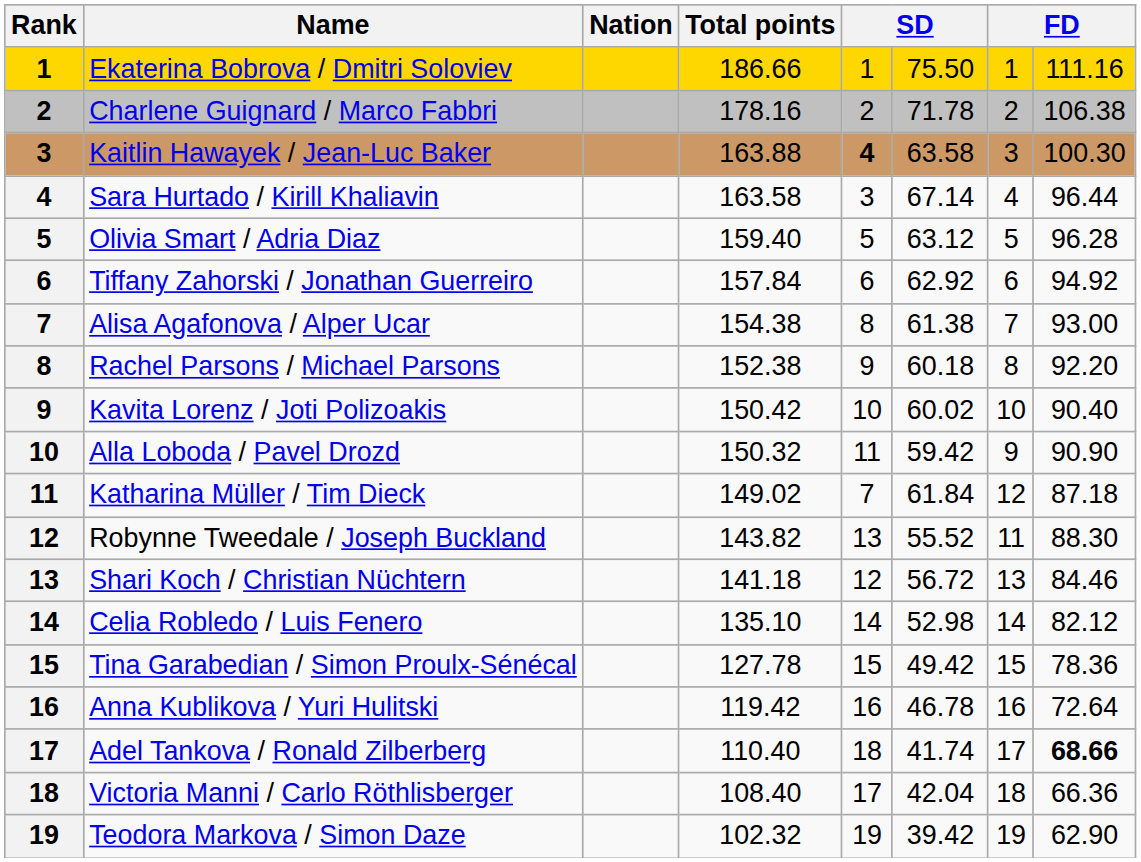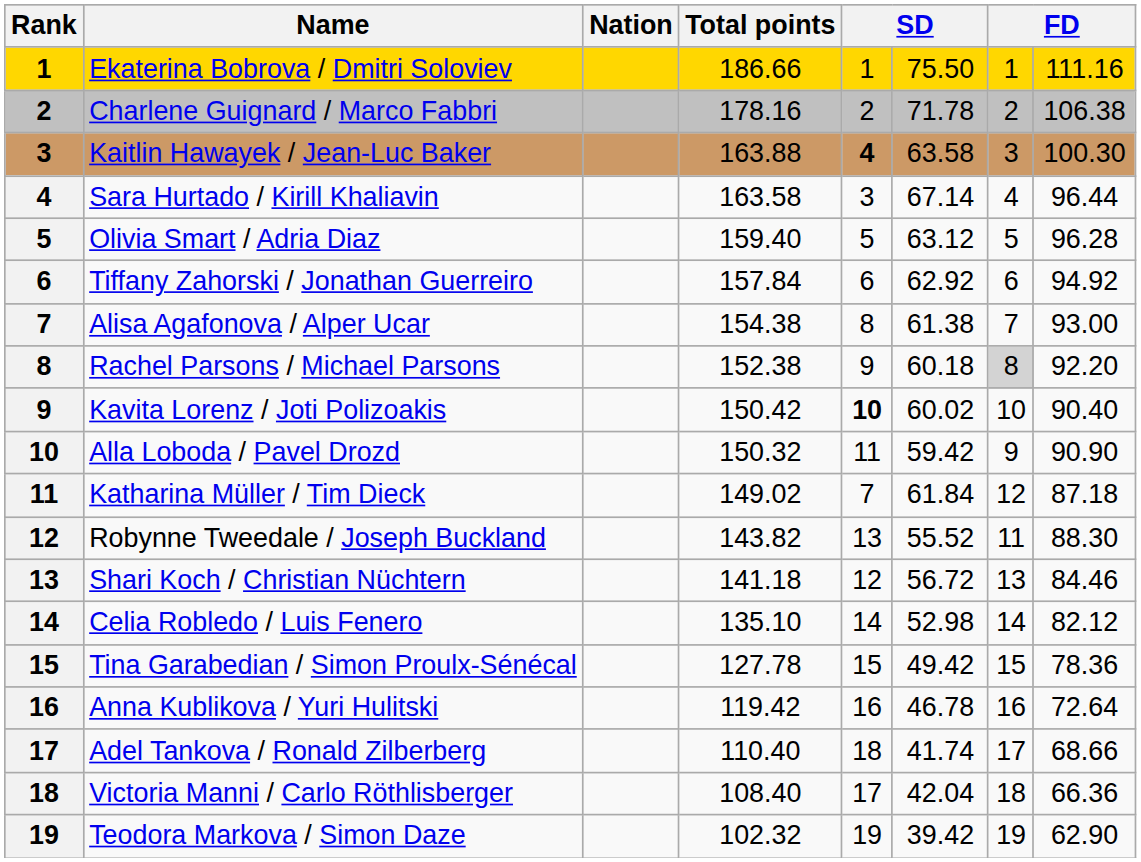 <table class="wikitable sortable">
 <tr>
 <th>Rank</th>
 <th>Name</th>
 <th>Nation</th>
 <th>Total points</th>
 <th colspan="2" width="80px"><a href='#'>SD</a></th>
 <th colspan="2" width="80px"><a href='#'>FD</a></th>
 </tr>
 <tr bgcolor="gold">
 <td align="center"><strong>1</strong></td>
 <td><a href='#'>Ekaterina Bobrova</a> / <a href='#'>Dmitri Soloviev</a></td>
 <td></td>
 <td align="center">186.66</td>
 <td align="center">1</td>
 <td align="center">75.50</td>
 <td align="center">1</td>
 <td align="center">111.16</td>
 </tr>
 <tr bgcolor="silver">
 <td align="center"><strong>2</strong></td>
 <td><a href='#'>Charlene Guignard</a> / <a href='#'>Marco Fabbri</a></td>
 <td></td>
 <td align="center">178.16</td>
 <td align="center">2</td>
 <td align="center">71.78</td>
 <td align="center">2</td>
 <td align="center">106.38</td>
 </tr>
 <tr bgcolor="cc9966">
 <td align="center"><strong>3</strong></td>
 <td><a href='#'>Kaitlin Hawayek</a> / <a href='#'>Jean-Luc Baker</a></td>
 <td></td>
 <td align="center">163.88</td>
 <td align="center"><strong>4</strong></td>
 <td align="center">63.58</td>
 <td align="center">3</td>
 <td align="center">100.30</td>
 </tr>
 <tr>
 <th>4</th>
 <td><a href='#'>Sara Hurtado</a> / <a href='#'>Kirill Khaliavin</a></td>
 <td></td>
 <td align="center">163.58</td>
 <td align="center">3</td>
 <td align="center">67.14</td>
 <td align="center">4</td>
 <td align="center">96.44</td>
 </tr>
 <tr>
 <th>5</th>
 <td><a href='#'>Olivia Smart</a> / <a href='#'>Adria Diaz</a></td>
 <td></td>
 <td align="center">159.40</td>
 <td align="center">5</td>
 <td align="center">63.12</td>
 <td align="center">5</td>
 <td align="center">96.28</td>
 </tr>
 <tr>
 <th>6</th>
 <td><a href='#'>Tiffany Zahorski</a> / <a href='#'>Jonathan Guerreiro</a></td>
 <td></td>
 <td align="center">157.84</td>
 <td align="center">6</td>
 <td align="center">62.92</td>
 <td align="center">6</td>
 <td align="center">94.92</td>
 </tr>
 <tr>
 <th>7</th>
 <td><a href='#'>Alisa Agafonova</a> / <a href='#'>Alper Ucar</a></td>
 <td></td>
 <td align="center">154.38</td>
 <td align="center">8</td>
 <td align="center">61.38</td>
 <td align="center">7</td>
 <td align="center">93.00</td>
 </tr>
 <tr>
 <th>8</th>
 <td><a href='#'>Rachel Parsons</a> / <a href='#'>Michael Parsons</a></td>
 <td></td>
 <td align="center">152.38</td>
 <td align="center">9</td>
 <td align="center">60.18</td>
-<td align="center">8</td>
+<td align="center" style="background: lightgrey;">8</td>
 <td align="center">92.20</td>
 </tr>
 <tr>
 <th>9</th>
 <td><a href='#'>Kavita Lorenz</a> / <a href='#'>Joti Polizoakis</a></td>
 <td></td>
 <td align="center">150.42</td>
-<td align="center">10</td>
+<td align="center"><strong>10</strong></td>
 <td align="center">60.02</td>
 <td align="center">10</td>
 <td align="center">90.40</td>
 </tr>
 <tr>
 <th>10</th>
 <td><a href='#'>Alla Loboda</a> / <a href='#'>Pavel Drozd</a></td>
 <td></td>
 <td align="center">150.32</td>
 <td align="center">11</td>
 <td align="center">59.42</td>
 <td align="center">9</td>
 <td align="center">90.90</td>
 </tr>
 <tr>
 <th>11</th>
 <td><a href='#'>Katharina Müller</a> / <a href='#'>Tim Dieck</a></td>
 <td></td>
 <td align="center">149.02</td>
 <td align="center">7</td>
 <td align="center">61.84</td>
 <td align="center">12</td>
 <td align="center">87.18</td>
 </tr>
 <tr>
 <th>12</th>
 <td>Robynne Tweedale / <a href='#'>Joseph Buckland</a></td>
 <td></td>
 <td align="center">143.82</td>
 <td align="center">13</td>
 <td align="center">55.52</td>
 <td align="center">11</td>
 <td align="center">88.30</td>
 </tr>
 <tr>
 <th>13</th>
 <td><a href='#'>Shari Koch</a> / <a href='#'>Christian Nüchtern</a></td>
 <td></td>
 <td align="center">141.18</td>
 <td align="center">12</td>
 <td align="center">56.72</td>
 <td align="center">13</td>
 <td align="center">84.46</td>
 </tr>
 <tr>
 <th>14</th>
 <td><a href='#'>Celia Robledo</a> / <a href='#'>Luis Fenero</a></td>
 <td></td>
 <td align="center">135.10</td>
 <td align="center">14</td>
 <td align="center">52.98</td>
 <td align="center">14</td>
 <td align="center">82.12</td>
 </tr>
 <tr>
 <th>15</th>
 <td><a href='#'>Tina Garabedian</a> / <a href='#'>Simon Proulx-Sénécal</a></td>
 <td></td>
 <td align="center">127.78</td>
 <td align="center">15</td>
 <td align="center">49.42</td>
 <td align="center">15</td>
 <td align="center">78.36</td>
 </tr>
 <tr>
 <th>16</th>
 <td><a href='#'>Anna Kublikova</a> / <a href='#'>Yuri Hulitski</a></td>
 <td></td>
 <td align="center">119.42</td>
 <td align="center">16</td>
 <td align="center">46.78</td>
 <td align="center">16</td>
 <td align="center">72.64</td>
 </tr>
 <tr>
 <th>17</th>
 <td><a href='#'>Adel Tankova</a> / <a href='#'>Ronald Zilberberg</a></td>
 <td></td>
 <td align="center">110.40</td>
 <td align="center">18</td>
 <td align="center">41.74</td>
 <td align="center">17</td>
-<td align="center"><strong>68.66</strong></td>
+<td align="center">68.66</td>
 </tr>
 <tr>
 <th>18</th>
 <td><a href='#'>Victoria Manni</a> / <a href='#'>Carlo Röthlisberger</a></td>
 <td></td>
 <td align="center">108.40</td>
 <td align="center">17</td>
 <td align="center">42.04</td>
 <td align="center">18</td>
 <td align="center">66.36</td>
 </tr>
 <tr>
 <th>19</th>
 <td><a href='#'>Teodora Markova</a> / <a href='#'>Simon Daze</a></td>
 <td></td>
 <td align="center">102.32</td>
 <td align="center">19</td>
 <td align="center">39.42</td>
 <td align="center">19</td>
 <td align="center">62.90</td>
 </tr>
 </table>
